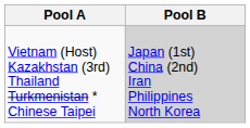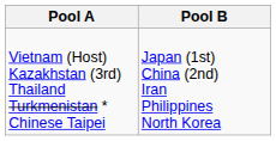 <table class="wikitable">
 <tr>
 <th width=45%>Pool A</th>
 <th width=45%>Pool B</th>
 </tr>
 <tr>
 <td><br> <a href='#'>Vietnam</a> (Host)<br>  <a href='#'>Kazakhstan</a> (3rd)<br>  <a href='#'>Thailand</a><br> <s> <a href='#'>Turkmenistan</a></s> *<br>  <a href='#'>Chinese Taipei</a><br></td>
-<td style="background: lightgrey;"><br> <a href='#'>Japan</a> (1st)<br>  <a href='#'>China</a> (2nd)<br>  <a href='#'>Iran</a> <br>  <a href='#'>Philippines</a><br>  <a href='#'>North Korea</a><br></td>
+<td><br> <a href='#'>Japan</a> (1st)<br>  <a href='#'>China</a> (2nd)<br>  <a href='#'>Iran</a> <br>  <a href='#'>Philippines</a><br>  <a href='#'>North Korea</a><br></td>
 </tr>
 </table>
